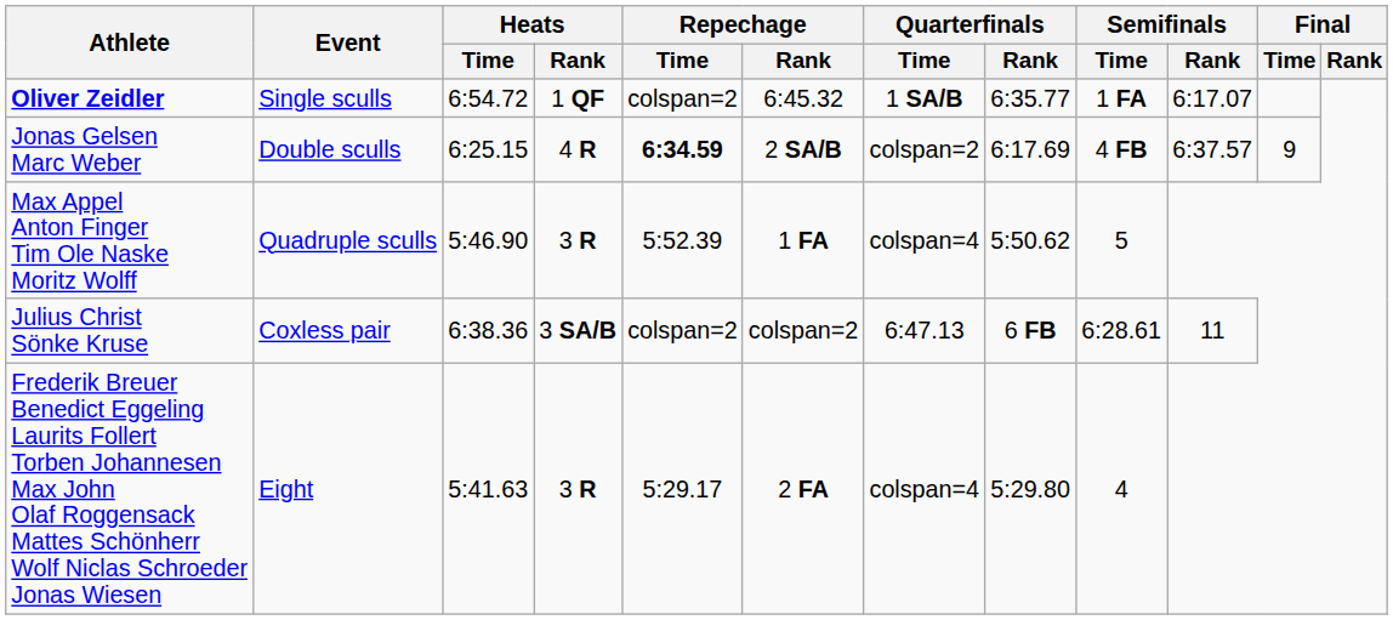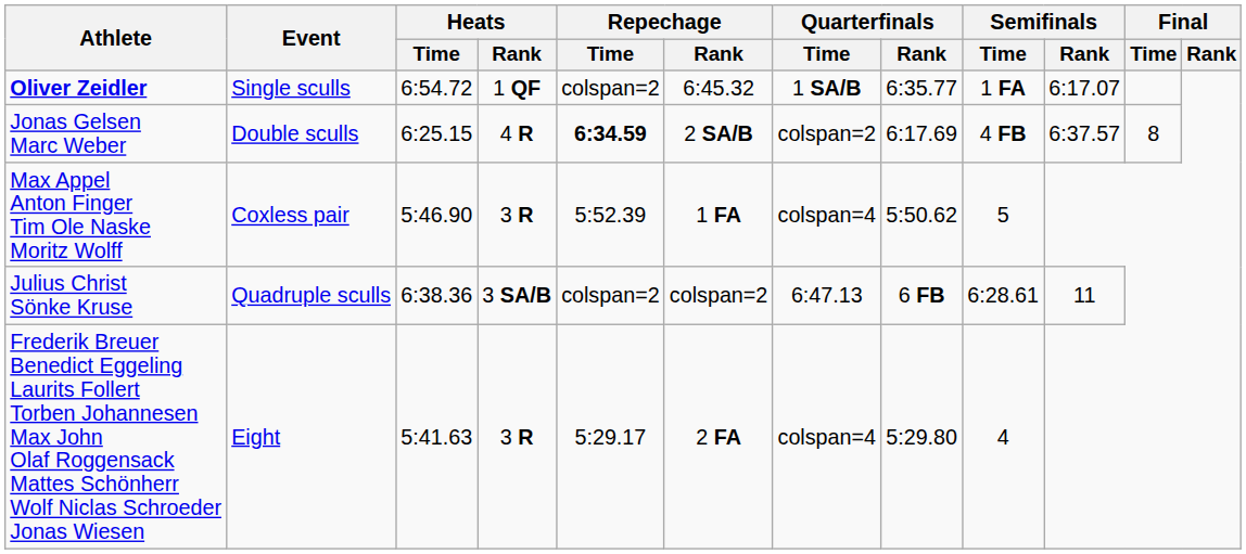 <table class=wikitable style=font-size:90%;text-align:center>
 <tr>
 <th rowspan=2>Athlete</th>
 <th rowspan=2>Event</th>
 <th colspan=2>Heats</th>
 <th colspan=2>Repechage</th>
 <th colspan=2>Quarterfinals</th>
 <th colspan=2>Semifinals</th>
 <th colspan=2>Final</th>
 </tr>
 <tr style=font-size:95%>
 <th>Time</th>
 <th>Rank</th>
 <th>Time</th>
 <th>Rank</th>
 <th>Time</th>
 <th>Rank</th>
 <th>Time</th>
 <th>Rank</th>
 <th>Time</th>
 <th>Rank</th>
 </tr>
 <tr>
 <td align=left><strong><a href='#'>Oliver Zeidler</a></strong></td>
 <td align=left><a href='#'>Single sculls</a></td>
 <td>6:54.72</td>
 <td>1 <strong>QF</strong></td>
 <td>colspan=2</td>
 <td>6:45.32</td>
 <td>1 <strong>SA/B</strong></td>
 <td>6:35.77<br></td>
 <td>1 <strong>FA</strong></td>
 <td>6:17.07</td>
 <td></td>
 </tr>
 <tr>
 <td align=left><a href='#'>Jonas Gelsen</a><br><a href='#'>Marc Weber</a></td>
 <td align=left><a href='#'>Double sculls</a></td>
 <td>6:25.15</td>
 <td>4 <strong>R</strong></td>
 <td><strong>6:34.59</strong></td>
 <td>2 <strong>SA/B</strong></td>
 <td>colspan=2</td>
 <td>6:17.69</td>
 <td>4 <strong>FB</strong></td>
 <td>6:37.57</td>
-<td>9</td>
+<td>8</td>
 </tr>
 <tr>
 <td align=left><a href='#'>Max Appel</a><br><a href='#'>Anton Finger</a><br><a href='#'>Tim Ole Naske</a><br><a href='#'>Moritz Wolff</a></td>
-<td align=left><a href='#'>Quadruple sculls</a></td>
+<td align=left><a href='#'>Coxless pair</a></td>
 <td>5:46.90</td>
 <td>3 <strong>R</strong></td>
 <td>5:52.39</td>
 <td>1 <strong>FA</strong></td>
 <td>colspan=4</td>
 <td>5:50.62</td>
 <td>5</td>
 </tr>
 <tr>
 <td align=left><a href='#'>Julius Christ</a> <br> <a href='#'>Sönke Kruse</a></td>
-<td align=left><a href='#'>Coxless pair</a></td>
+<td align=left><a href='#'>Quadruple sculls</a></td>
 <td>6:38.36</td>
 <td>3 <strong>SA/B</strong></td>
 <td>colspan=2</td>
 <td>colspan=2</td>
 <td>6:47.13</td>
 <td>6 <strong>FB</strong></td>
 <td>6:28.61</td>
 <td>11</td>
 </tr>
 <tr>
 <td align=left><a href='#'>Frederik Breuer</a><br><a href='#'>Benedict Eggeling</a><br><a href='#'>Laurits Follert</a><br><a href='#'>Torben Johannesen</a><br><a href='#'>Max John</a><br><a href='#'>Olaf Roggensack</a><br><a href='#'>Mattes Schönherr</a><br><a href='#'>Wolf Niclas Schroeder</a><br><a href='#'>Jonas Wiesen</a></td>
 <td align=left><a href='#'>Eight</a></td>
 <td>5:41.63</td>
 <td>3 <strong>R</strong></td>
 <td>5:29.17</td>
 <td>2 <strong>FA</strong></td>
 <td>colspan=4</td>
 <td>5:29.80</td>
 <td>4</td>
 </tr>
 </table>
